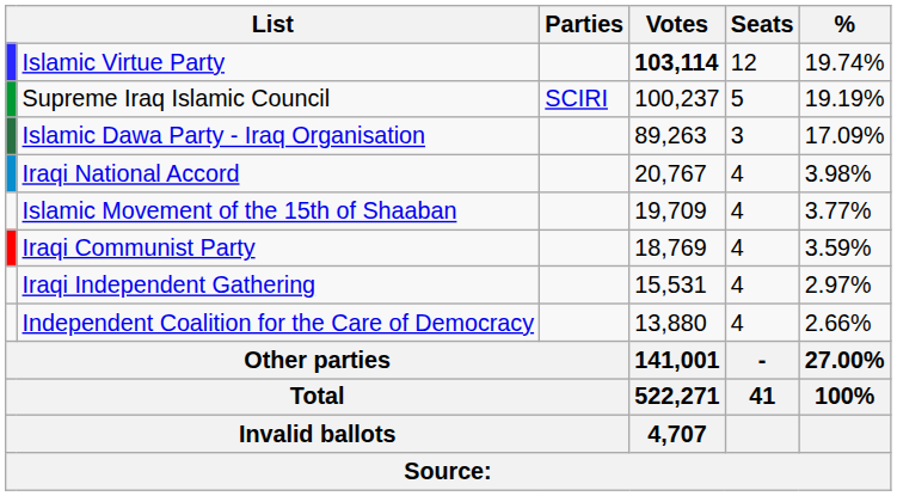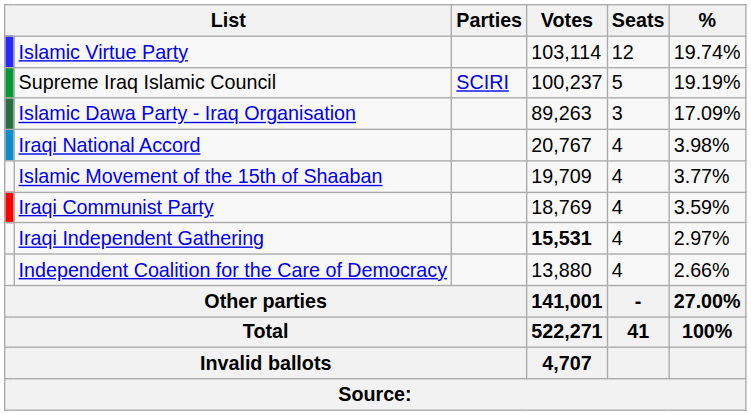 <table class="wikitable" style="border:1px solid #8888aa; background:#f8f8f8; padding:0; font-size:90%;">
 <tr>
 <th colspan=2>List</th>
 <th>Parties</th>
 <th>Votes</th>
 <th>Seats</th>
 <th>%</th>
 </tr>
 <tr>
 <td bgcolor="#2929FD"></td>
 <td><a href='#'>Islamic Virtue Party</a></td>
 <td></td>
-<td><strong>103,114</strong></td>
+<td>103,114</td>
 <td>12</td>
 <td>19.74%</td>
 </tr>
 <tr>
 <td bgcolor="#009933"></td>
 <td>Supreme Iraq Islamic Council</td>
 <td><a href='#'>SCIRI</a></td>
 <td>100,237</td>
 <td>5</td>
 <td>19.19%</td>
 </tr>
 <tr>
 <td bgcolor="#286F42"></td>
 <td><a href='#'>Islamic Dawa Party - Iraq Organisation</a></td>
 <td></td>
 <td>89,263</td>
 <td>3</td>
 <td>17.09%</td>
 </tr>
 <tr>
 <td bgcolor="#098DCD"></td>
 <td><a href='#'>Iraqi National Accord</a></td>
 <td></td>
 <td>20,767</td>
 <td>4</td>
 <td>3.98%</td>
 </tr>
 <tr>
 <td></td>
 <td><a href='#'>Islamic Movement of the 15th of Shaaban</a></td>
 <td></td>
 <td>19,709</td>
 <td>4</td>
 <td>3.77%</td>
 </tr>
 <tr>
 <td bgcolor="#FF0000"></td>
 <td><a href='#'>Iraqi Communist Party</a></td>
 <td></td>
 <td>18,769</td>
 <td>4</td>
 <td>3.59%</td>
 </tr>
 <tr>
 <td></td>
 <td><a href='#'>Iraqi Independent Gathering</a></td>
 <td></td>
-<td>15,531</td>
+<td><strong>15,531</strong></td>
 <td>4</td>
 <td>2.97%</td>
 </tr>
 <tr>
 <td></td>
 <td><a href='#'>Independent Coalition for the Care of Democracy</a></td>
 <td></td>
 <td>13,880</td>
 <td>4</td>
 <td>2.66%</td>
 </tr>
 <tr>
 <th colspan=3>Other parties</th>
 <th>141,001</th>
 <th>-</th>
 <th>27.00%</th>
 </tr>
 <tr>
 <th colspan=3><strong>Total</strong></th>
 <th><strong>522,271</strong></th>
 <th><strong>41</strong></th>
 <th><strong>100%</strong></th>
 </tr>
 <tr>
 <th colspan=3>Invalid ballots</th>
 <th>4,707</th>
 <th></th>
 <th></th>
 </tr>
 <tr class="unsortable">
 <th align=left colspan=6>Source:  </th>
 </tr>
 </table>
